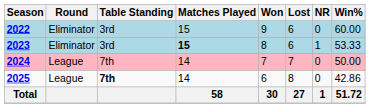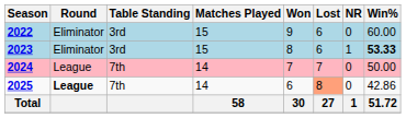 <table class="wikitable sortable">
 <tr>
 <th>Season</th>
 <th>Round</th>
 <th>Table Standing</th>
 <th>Matches Played</th>
 <th>Won</th>
 <th>Lost</th>
 <th>NR</th>
 <th>Win%</th>
 </tr>
 <tr style="background:lightblue";>
 <td><a href='#'><strong>2022</strong></a></td>
 <td>Eliminator</td>
 <td>3rd</td>
 <td>15</td>
 <td>9</td>
 <td>6</td>
 <td>0</td>
 <td>60.00</td>
 </tr>
 <tr style="background:lightblue";>
 <td><a href='#'><strong>2023</strong></a></td>
 <td>Eliminator</td>
 <td>3rd</td>
-<td><strong>15</strong></td>
+<td>15</td>
 <td>8</td>
 <td>6</td>
 <td>1</td>
-<td>53.33</td>
+<td><strong>53.33</strong></td>
 </tr>
 <tr style="background:lightpink";>
 <td><a href='#'><strong>2024</strong></a></td>
 <td>League</td>
 <td>7th</td>
 <td>14</td>
 <td>7</td>
 <td>7</td>
 <td>0</td>
 <td>50.00</td>
 </tr>
 <tr>
 <td><a href='#'><strong>2025</strong></a></td>
-<td>League</td>
-<td><strong>7th</strong></td>
+<td><strong>League</strong></td>
+<td>7th</td>
 <td>14</td>
 <td>6</td>
-<td>8</td>
+<td style="background: lightsalmon;">8</td>
 <td>0</td>
 <td>42.86</td>
 </tr>
 <tr>
 <th>Total</th>
 <th></th>
 <th></th>
 <th>58</th>
 <th>30</th>
 <th>27</th>
 <th>1</th>
 <th>51.72</th>
 </tr>
 <tr>
 </tr>
 </table>
